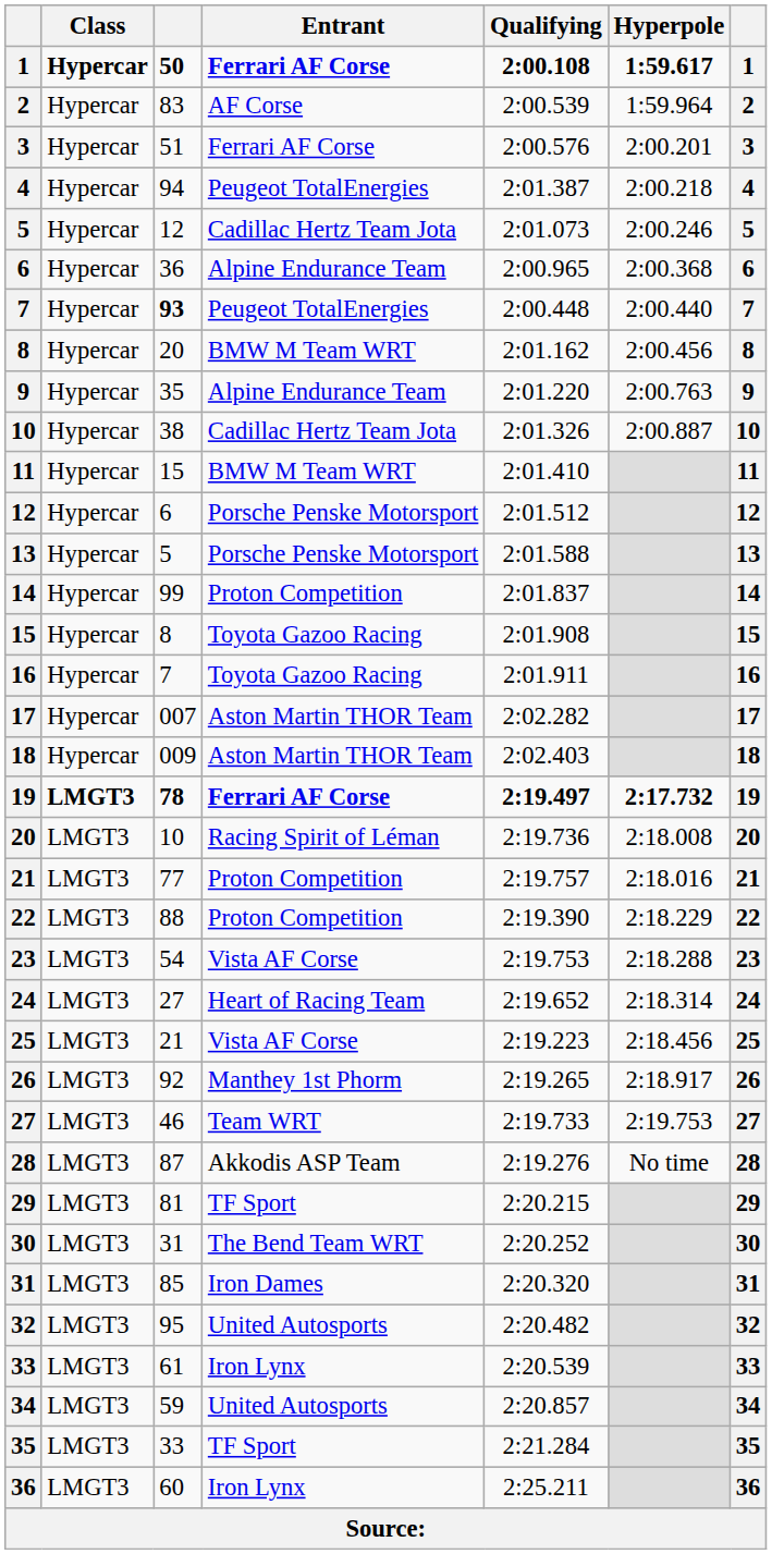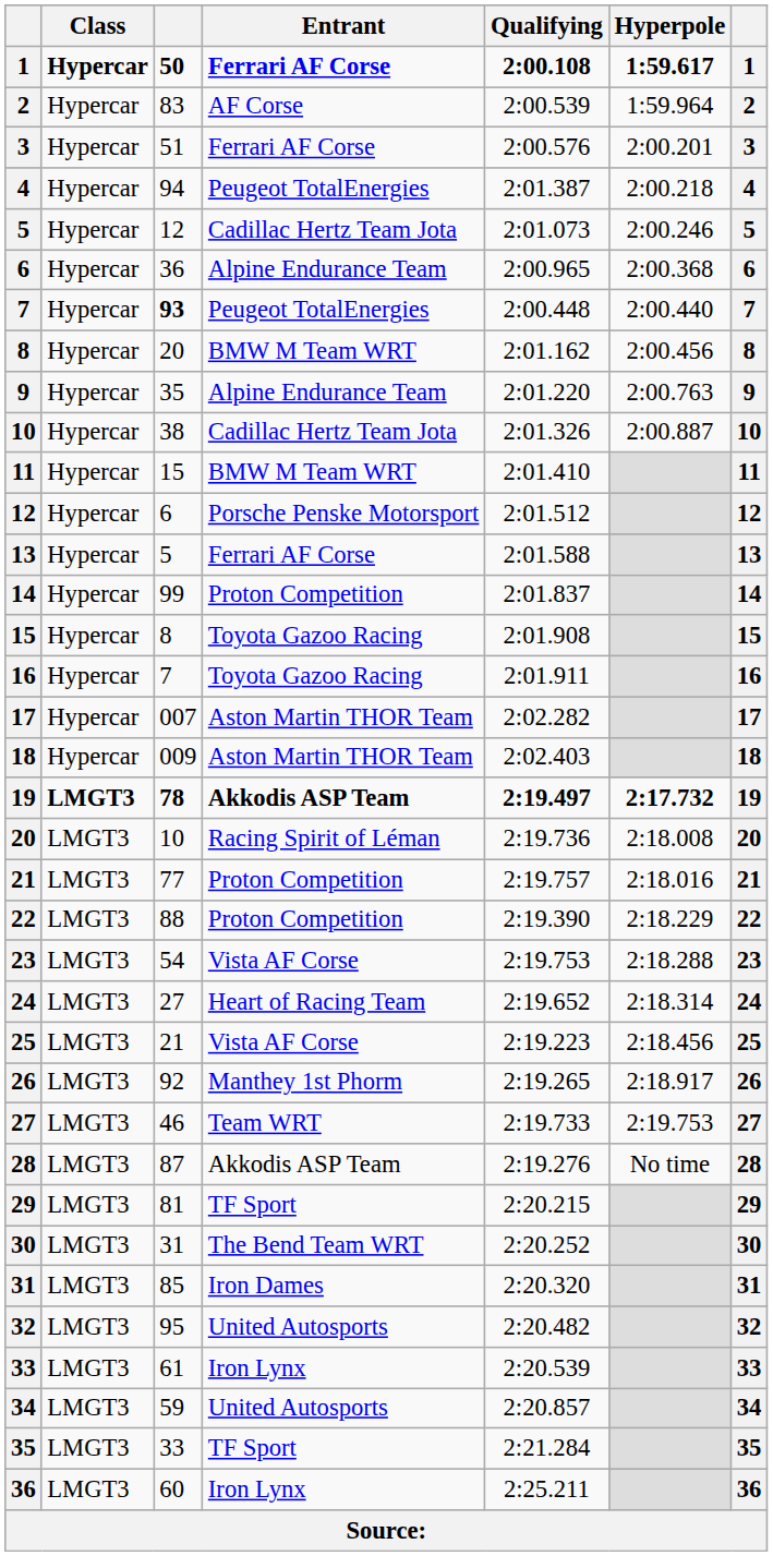 <table class="wikitable" style="font-size:90%;">
 <tr>
 <th></th>
 <th>Class</th>
 <th></th>
 <th>Entrant</th>
 <th>Qualifying</th>
 <th>Hyperpole</th>
 <th></th>
 </tr>
 <tr style="font-weight:bold">
 <th>1</th>
 <td>Hypercar</td>
 <td>50</td>
 <td> <a href='#'>Ferrari AF Corse</a></td>
 <td style="text-align:center;">2:00.108</td>
 <td style="text-align:center;">1:59.617</td>
 <th>1</th>
 </tr>
 <tr>
 <th>2</th>
 <td>Hypercar</td>
 <td>83</td>
 <td> <a href='#'>AF Corse</a></td>
 <td style="text-align:center;">2:00.539</td>
 <td style="text-align:center;">1:59.964</td>
 <th>2</th>
 </tr>
 <tr>
 <th>3</th>
 <td>Hypercar</td>
 <td>51</td>
 <td> <a href='#'>Ferrari AF Corse</a></td>
 <td style="text-align:center;">2:00.576</td>
 <td style="text-align:center;">2:00.201</td>
 <th>3</th>
 </tr>
 <tr>
 <th>4</th>
 <td>Hypercar</td>
 <td>94</td>
 <td> <a href='#'>Peugeot TotalEnergies</a></td>
 <td style="text-align:center;">2:01.387</td>
 <td style="text-align:center;">2:00.218</td>
 <th>4</th>
 </tr>
 <tr>
 <th>5</th>
 <td>Hypercar</td>
 <td>12</td>
 <td> <a href='#'>Cadillac Hertz Team Jota</a></td>
 <td style="text-align:center;">2:01.073</td>
 <td style="text-align:center;">2:00.246</td>
 <th>5</th>
 </tr>
 <tr>
 <th>6</th>
 <td>Hypercar</td>
 <td>36</td>
 <td> <a href='#'>Alpine Endurance Team</a></td>
 <td style="text-align:center;">2:00.965</td>
 <td style="text-align:center;">2:00.368</td>
 <th>6</th>
 </tr>
 <tr>
 <th>7</th>
 <td>Hypercar</td>
 <td><strong>93</strong></td>
 <td> <a href='#'>Peugeot TotalEnergies</a></td>
 <td style="text-align:center;">2:00.448</td>
 <td style="text-align:center;">2:00.440</td>
 <th>7</th>
 </tr>
 <tr>
 <th>8</th>
 <td>Hypercar</td>
 <td>20</td>
 <td> <a href='#'>BMW M Team WRT</a></td>
 <td style="text-align:center;">2:01.162</td>
 <td style="text-align:center;">2:00.456</td>
 <th>8</th>
 </tr>
 <tr>
 <th>9</th>
 <td>Hypercar</td>
 <td>35</td>
 <td> <a href='#'>Alpine Endurance Team</a></td>
 <td style="text-align:center;">2:01.220</td>
 <td style="text-align:center;">2:00.763</td>
 <th>9</th>
 </tr>
 <tr>
 <th>10</th>
 <td>Hypercar</td>
 <td>38</td>
 <td> <a href='#'>Cadillac Hertz Team Jota</a></td>
 <td style="text-align:center;">2:01.326</td>
 <td style="text-align:center;">2:00.887</td>
 <th>10</th>
 </tr>
 <tr>
 <th>11</th>
 <td>Hypercar</td>
 <td>15</td>
 <td> <a href='#'>BMW M Team WRT</a></td>
 <td style="text-align:center;">2:01.410</td>
 <td style="text-align:center; background:#ddd;"></td>
 <th>11</th>
 </tr>
 <tr>
 <th>12</th>
 <td>Hypercar</td>
 <td>6</td>
 <td> <a href='#'>Porsche Penske Motorsport</a></td>
 <td style="text-align:center;">2:01.512</td>
 <td style="text-align:center; background:#ddd;"></td>
 <th>12</th>
 </tr>
 <tr>
 <th>13</th>
 <td>Hypercar</td>
 <td>5</td>
-<td> <a href='#'>Porsche Penske Motorsport</a></td>
+<td> <a href='#'>Ferrari AF Corse</a></td>
 <td style="text-align:center;">2:01.588</td>
 <td style="text-align:center; background:#ddd;"></td>
 <th>13</th>
 </tr>
 <tr>
 <th>14</th>
 <td>Hypercar</td>
 <td>99</td>
 <td> <a href='#'>Proton Competition</a></td>
 <td style="text-align:center;">2:01.837</td>
 <td style="text-align:center; background:#ddd;"></td>
 <th>14</th>
 </tr>
 <tr>
 <th>15</th>
 <td>Hypercar</td>
 <td>8</td>
 <td> <a href='#'>Toyota Gazoo Racing</a></td>
 <td style="text-align:center;">2:01.908</td>
 <td style="text-align:center; background:#ddd;"></td>
 <th>15</th>
 </tr>
 <tr>
 <th>16</th>
 <td>Hypercar</td>
 <td>7</td>
 <td> <a href='#'>Toyota Gazoo Racing</a></td>
 <td style="text-align:center;">2:01.911</td>
 <td style="text-align:center; background:#ddd;"></td>
 <th>16</th>
 </tr>
 <tr>
 <th>17</th>
 <td>Hypercar</td>
 <td>007</td>
 <td> <a href='#'>Aston Martin THOR Team</a></td>
 <td style="text-align:center;">2:02.282</td>
 <td style="text-align:center; background:#ddd;"></td>
 <th>17</th>
 </tr>
 <tr>
 <th>18</th>
 <td>Hypercar</td>
 <td>009</td>
 <td> <a href='#'>Aston Martin THOR Team</a></td>
 <td style="text-align:center;">2:02.403</td>
 <td style="text-align:center; background:#ddd;"></td>
 <th>18</th>
 </tr>
 <tr style="font-weight:bold">
 <th>19</th>
 <td>LMGT3</td>
 <td>78</td>
-<td> <a href='#'>Ferrari AF Corse</a></td>
+<td> Akkodis ASP Team</td>
 <td style="text-align:center;">2:19.497</td>
 <td style="text-align:center;">2:17.732</td>
 <th>19</th>
 </tr>
 <tr>
 <th>20</th>
 <td>LMGT3</td>
 <td>10</td>
 <td> <a href='#'>Racing Spirit of Léman</a></td>
 <td style="text-align:center;">2:19.736</td>
 <td style="text-align:center;">2:18.008</td>
 <th>20</th>
 </tr>
 <tr>
 <th>21</th>
 <td>LMGT3</td>
 <td>77</td>
 <td> <a href='#'>Proton Competition</a></td>
 <td style="text-align:center;">2:19.757</td>
 <td style="text-align:center;">2:18.016</td>
 <th>21</th>
 </tr>
 <tr>
 <th>22</th>
 <td>LMGT3</td>
 <td>88</td>
 <td> <a href='#'>Proton Competition</a></td>
 <td style="text-align:center;">2:19.390</td>
 <td style="text-align:center;">2:18.229</td>
 <th>22</th>
 </tr>
 <tr>
 <th>23</th>
 <td>LMGT3</td>
 <td>54</td>
 <td> <a href='#'>Vista AF Corse</a></td>
 <td style="text-align:center;">2:19.753</td>
 <td style="text-align:center;">2:18.288</td>
 <th>23</th>
 </tr>
 <tr>
 <th>24</th>
 <td>LMGT3</td>
 <td>27</td>
 <td> <a href='#'>Heart of Racing Team</a></td>
 <td style="text-align:center;">2:19.652</td>
 <td style="text-align:center;">2:18.314</td>
 <th>24</th>
 </tr>
 <tr>
 <th>25</th>
 <td>LMGT3</td>
 <td>21</td>
 <td> <a href='#'>Vista AF Corse</a></td>
 <td style="text-align:center;">2:19.223</td>
 <td style="text-align:center;">2:18.456</td>
 <th>25</th>
 </tr>
 <tr>
 <th>26</th>
 <td>LMGT3</td>
 <td>92</td>
 <td> <a href='#'>Manthey 1st Phorm</a></td>
 <td style="text-align:center;">2:19.265</td>
 <td style="text-align:center;">2:18.917</td>
 <th>26</th>
 </tr>
 <tr>
 <th>27</th>
 <td>LMGT3</td>
 <td>46</td>
 <td> <a href='#'>Team WRT</a></td>
 <td style="text-align:center;">2:19.733</td>
 <td style="text-align:center;">2:19.753</td>
 <th>27</th>
 </tr>
 <tr>
 <th>28</th>
 <td>LMGT3</td>
 <td>87</td>
 <td> Akkodis ASP Team</td>
 <td style="text-align:center;">2:19.276</td>
 <td style="text-align:center;">No time</td>
 <th>28</th>
 </tr>
 <tr>
 <th>29</th>
 <td>LMGT3</td>
 <td>81</td>
 <td> <a href='#'>TF Sport</a></td>
 <td style="text-align:center;">2:20.215</td>
 <td style="text-align:center; background:#ddd;"></td>
 <th>29</th>
 </tr>
 <tr>
 <th>30</th>
 <td>LMGT3</td>
 <td>31</td>
 <td> <a href='#'>The Bend Team WRT</a></td>
 <td style="text-align:center;">2:20.252</td>
 <td style="text-align:center; background:#ddd;"></td>
 <th>30</th>
 </tr>
 <tr>
 <th>31</th>
 <td>LMGT3</td>
 <td>85</td>
 <td> <a href='#'>Iron Dames</a></td>
 <td style="text-align:center;">2:20.320</td>
 <td style="text-align:center; background:#ddd;"></td>
 <th>31</th>
 </tr>
 <tr>
 <th>32</th>
 <td>LMGT3</td>
 <td>95</td>
 <td> <a href='#'>United Autosports</a></td>
 <td style="text-align:center;">2:20.482</td>
 <td style="text-align:center; background:#ddd;"></td>
 <th>32</th>
 </tr>
 <tr>
 <th>33</th>
 <td>LMGT3</td>
 <td>61</td>
 <td> <a href='#'>Iron Lynx</a></td>
 <td style="text-align:center;">2:20.539</td>
 <td style="text-align:center; background:#ddd;"></td>
 <th>33</th>
 </tr>
 <tr>
 <th>34</th>
 <td>LMGT3</td>
 <td>59</td>
 <td> <a href='#'>United Autosports</a></td>
 <td style="text-align:center;">2:20.857</td>
 <td style="text-align:center; background:#ddd;"></td>
 <th>34</th>
 </tr>
 <tr>
 <th>35</th>
 <td>LMGT3</td>
 <td>33</td>
 <td> <a href='#'>TF Sport</a></td>
 <td style="text-align:center;">2:21.284</td>
 <td style="text-align:center; background:#ddd;"></td>
 <th>35</th>
 </tr>
 <tr>
 <th>36</th>
 <td>LMGT3</td>
 <td>60</td>
 <td> <a href='#'>Iron Lynx</a></td>
 <td style="text-align:center;">2:25.211</td>
 <td style="text-align:center; background:#ddd;"></td>
 <th>36</th>
 </tr>
 <tr>
 <th colspan="7">Source:</th>
 </tr>
 </table>
